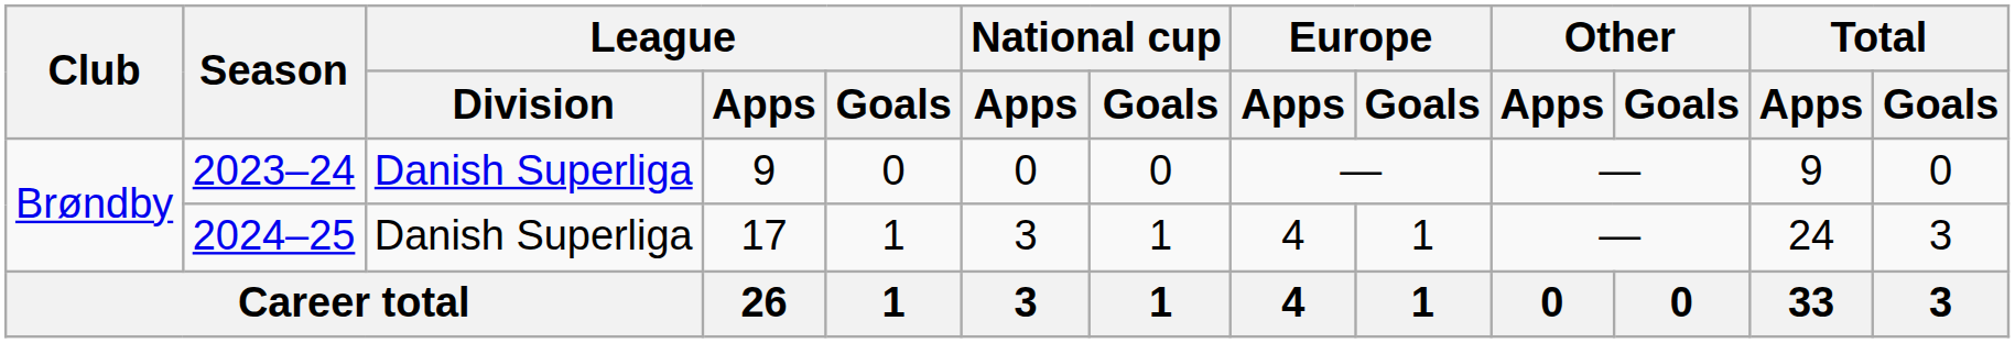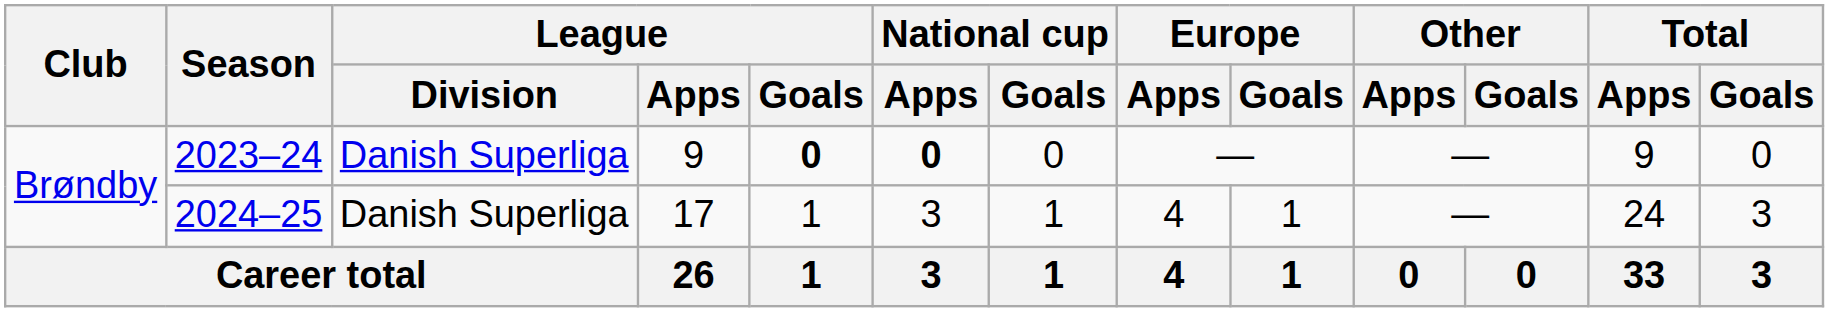 <table class="wikitable" style="text-align:center">
 <tr>
 <th rowspan="2">Club</th>
 <th rowspan="2">Season</th>
 <th colspan="3">League</th>
 <th colspan="2">National cup</th>
 <th colspan="2">Europe</th>
 <th colspan="2">Other</th>
 <th colspan="2">Total</th>
 </tr>
 <tr>
 <th>Division</th>
 <th>Apps</th>
 <th>Goals</th>
 <th>Apps</th>
 <th>Goals</th>
 <th>Apps</th>
 <th>Goals</th>
 <th>Apps</th>
 <th>Goals</th>
 <th>Apps</th>
 <th>Goals</th>
 </tr>
 <tr>
 <td rowspan="2"><a href='#'>Brøndby</a></td>
 <td><a href='#'>2023–24</a></td>
 <td><a href='#'>Danish Superliga</a></td>
 <td>9</td>
-<td>0</td>
-<td>0</td>
+<td><strong>0</strong></td>
+<td><strong>0</strong></td>
 <td>0</td>
 <td colspan="2">—</td>
 <td colspan="2">—</td>
 <td>9</td>
 <td>0</td>
 </tr>
 <tr>
 <td><a href='#'>2024–25</a></td>
 <td>Danish Superliga</td>
 <td>17</td>
 <td>1</td>
 <td>3</td>
 <td>1</td>
 <td>4</td>
 <td>1</td>
 <td colspan="2">—</td>
 <td>24</td>
 <td>3</td>
 </tr>
 <tr>
 <th colspan="3">Career total</th>
 <th>26</th>
 <th>1</th>
 <th>3</th>
 <th>1</th>
 <th>4</th>
 <th>1</th>
 <th>0</th>
 <th>0</th>
 <th>33</th>
 <th>3</th>
 </tr>
 </table>
